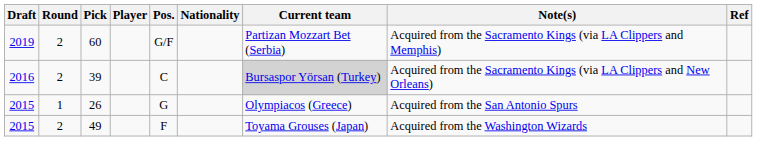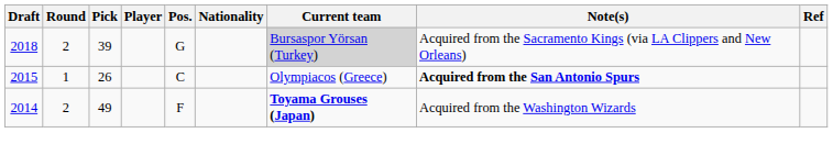 <table class="wikitable sortable" style="text-align:left; font-size:90%;">
 <tr>
 <th>Draft</th>
 <th>Round</th>
 <th>Pick</th>
 <th>Player</th>
 <th>Pos.</th>
 <th>Nationality</th>
 <th>Current team</th>
 <th>Note(s)</th>
 <th class="unsortable">Ref</th>
 </tr>
 <tr>
-<td style="text-align:center;"><a href='#'>2019</a></td>
-<td style="text-align:center;">2</td>
-<td style="text-align:center;">60</td>
-<td></td>
-<td style="text-align:center">G/F</td>
-<td></td>
-<td><a href='#'>Partizan Mozzart Bet</a> (<a href='#'>Serbia</a>)</td>
-<td>Acquired from the <a href='#'>Sacramento Kings</a> (via <a href='#'>LA Clippers</a> and <a href='#'>Memphis</a>)</td>
-<td style="text-align:center;"></td>
-</tr>
-<tr>
-<td style="text-align:center;"><a href='#'>2016</a></td>
+<td style="text-align:center;"><a href='#'>2018</a></td>
 <td style="text-align:center;">2</td>
 <td style="text-align:center;">39</td>
 <td></td>
-<td style="text-align:center;">C</td>
+<td style="text-align:center;">G</td>
 <td></td>
 <td style="background: lightgrey;"><a href='#'>Bursaspor Yörsan</a> (<a href='#'>Turkey</a>)</td>
 <td>Acquired from the <a href='#'>Sacramento Kings</a> (via <a href='#'>LA Clippers</a> and <a href='#'>New Orleans</a>)</td>
 <td style="text-align:center;"></td>
 </tr>
 <tr>
 <td style="text-align:center;"><a href='#'>2015</a></td>
 <td style="text-align:center;">1</td>
 <td style="text-align:center;">26</td>
 <td></td>
-<td style="text-align:center;">G</td>
+<td style="text-align:center;">C</td>
 <td></td>
 <td><a href='#'>Olympiacos</a> (<a href='#'>Greece</a>)</td>
-<td>Acquired from the <a href='#'>San Antonio Spurs</a></td>
+<td><strong>Acquired from the <a href='#'>San Antonio Spurs</a></strong></td>
 <td style="text-align:center;"></td>
 </tr>
 <tr>
-<td style="text-align:center;"><a href='#'>2015</a></td>
+<td style="text-align:center;"><a href='#'>2014</a></td>
 <td style="text-align:center;">2</td>
 <td style="text-align:center;">49</td>
 <td></td>
 <td style="text-align:center;">F</td>
 <td></td>
-<td><a href='#'>Toyama Grouses</a> (<a href='#'>Japan</a>)</td>
+<td><strong><a href='#'>Toyama Grouses</a> (<a href='#'>Japan</a>)</strong></td>
 <td>Acquired from the <a href='#'>Washington Wizards</a></td>
 <td style="text-align:center;"></td>
 </tr>
 </table>
